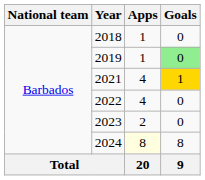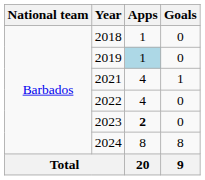 <table class="wikitable" style="text-align:center">
 <tr>
 <th>National team</th>
 <th>Year</th>
 <th>Apps</th>
 <th>Goals</th>
 </tr>
 <tr>
 <td rowspan="6"><a href='#'>Barbados</a></td>
 <td>2018</td>
 <td>1</td>
 <td>0</td>
 </tr>
 <tr>
 <td>2019</td>
-<td>1</td>
-<td style="background: lightgreen;">0</td>
+<td style="background: lightblue;">1</td>
+<td>0</td>
 </tr>
 <tr>
 <td>2021</td>
 <td>4</td>
-<td style="background: gold;">1</td>
+<td>1</td>
 </tr>
 <tr>
 <td>2022</td>
 <td>4</td>
 <td>0</td>
 </tr>
 <tr>
 <td>2023</td>
-<td>2</td>
+<td><strong>2</strong></td>
 <td>0</td>
 </tr>
 <tr>
 <td>2024</td>
-<td style="background: lightyellow;">8</td>
+<td>8</td>
 <td>8</td>
 </tr>
 <tr>
 <th colspan=2>Total</th>
 <th>20</th>
 <th>9</th>
 </tr>
 </table>
